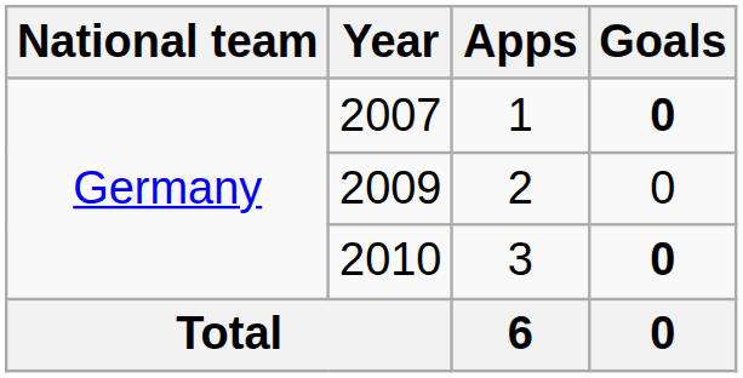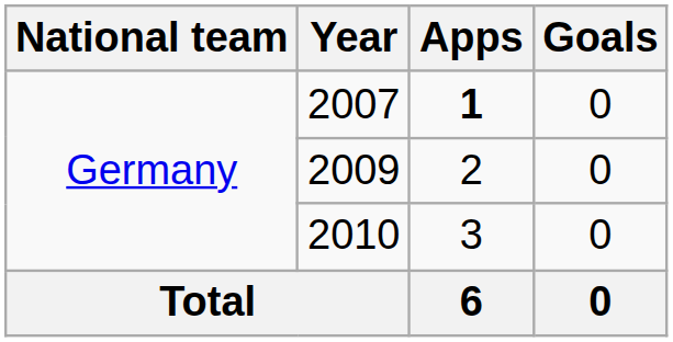 <table class="wikitable" style="text-align:center">
 <tr>
 <th>National team</th>
 <th>Year</th>
 <th>Apps</th>
 <th>Goals</th>
 </tr>
 <tr>
 <td rowspan="3"><a href='#'>Germany</a></td>
 <td>2007</td>
-<td>1</td>
-<td><strong>0</strong></td>
+<td><strong>1</strong></td>
+<td>0</td>
 </tr>
 <tr>
 <td>2009</td>
 <td>2</td>
 <td>0</td>
 </tr>
 <tr>
 <td>2010</td>
 <td>3</td>
-<td><strong>0</strong></td>
+<td>0</td>
 </tr>
 <tr>
 <th colspan="2">Total</th>
 <th>6</th>
 <th>0</th>
 </tr>
 </table>
